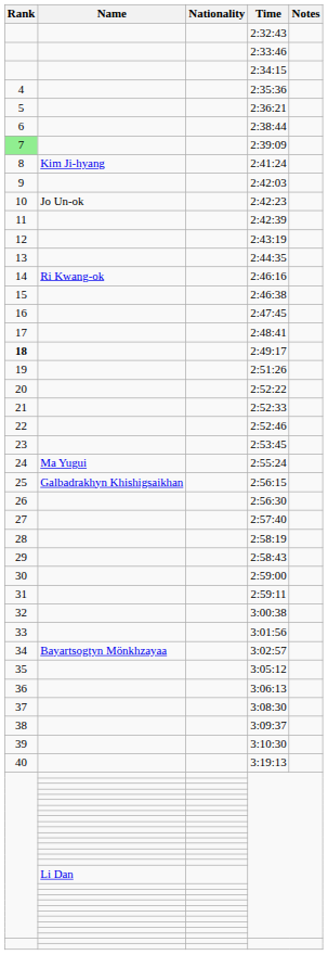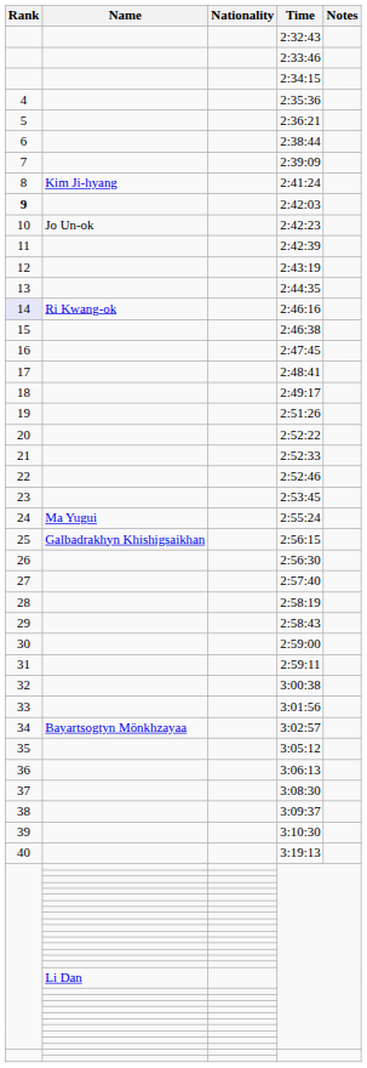 <table class="wikitable sortable" style="text-align:center">
 <tr>
 <th scope="col">Rank</th>
 <th scope="col">Name</th>
 <th scope="col">Nationality</th>
 <th scope="col">Time</th>
 <th scope="col">Notes</th>
 </tr>
 <tr>
 <td scope="row"></td>
 <td align=left></td>
 <td align=left></td>
 <td>2:32:43</td>
 <td></td>
 </tr>
 <tr>
 <td scope="row"></td>
 <td align=left></td>
 <td align=left></td>
 <td>2:33:46</td>
 <td></td>
 </tr>
 <tr>
 <td scope="row"></td>
 <td align=left></td>
 <td align=left></td>
 <td>2:34:15</td>
 <td></td>
 </tr>
 <tr>
 <td scope="row">4</td>
 <td align=left></td>
 <td align=left></td>
 <td>2:35:36</td>
 <td></td>
 </tr>
 <tr>
 <td scope="row">5</td>
 <td align=left></td>
 <td align=left></td>
 <td>2:36:21</td>
 <td></td>
 </tr>
 <tr>
 <td scope="row">6</td>
 <td align=left></td>
 <td align=left></td>
 <td>2:38:44</td>
 <td></td>
 </tr>
 <tr>
-<td scope="row" style="background: lightgreen;">7</td>
+<td scope="row">7</td>
 <td align=left></td>
 <td align=left></td>
 <td>2:39:09</td>
 <td></td>
 </tr>
 <tr>
 <td scope="row">8</td>
 <td align=left><a href='#'>Kim Ji-hyang</a></td>
 <td align=left></td>
 <td>2:41:24</td>
 <td></td>
 </tr>
 <tr>
-<td scope="row">9</td>
+<td scope="row"><strong>9</strong></td>
 <td align=left></td>
 <td align=left></td>
 <td>2:42:03</td>
 <td></td>
 </tr>
 <tr>
 <td scope="row">10</td>
 <td align=left>Jo Un-ok</td>
 <td align=left></td>
 <td>2:42:23</td>
 <td></td>
 </tr>
 <tr>
 <td scope="row">11</td>
 <td align=left></td>
 <td align=left></td>
 <td>2:42:39</td>
 <td></td>
 </tr>
 <tr>
 <td scope="row">12</td>
 <td align=left></td>
 <td align=left></td>
 <td>2:43:19</td>
 <td></td>
 </tr>
 <tr>
 <td scope="row">13</td>
 <td align=left></td>
 <td align=left></td>
 <td>2:44:35</td>
 <td></td>
 </tr>
 <tr>
-<td scope="row">14</td>
+<td scope="row" style="background: lavender;">14</td>
 <td align=left><a href='#'>Ri Kwang-ok</a></td>
 <td align=left></td>
 <td>2:46:16</td>
 <td></td>
 </tr>
 <tr>
 <td scope="row">15</td>
 <td align=left></td>
 <td align=left></td>
 <td>2:46:38</td>
 <td></td>
 </tr>
 <tr>
 <td scope="row">16</td>
 <td align=left></td>
 <td align=left></td>
 <td>2:47:45</td>
 <td></td>
 </tr>
 <tr>
 <td scope="row">17</td>
 <td align=left></td>
 <td align=left></td>
 <td>2:48:41</td>
 <td></td>
 </tr>
 <tr>
-<td scope="row"><strong>18</strong></td>
+<td scope="row">18</td>
 <td align=left></td>
 <td align=left></td>
 <td>2:49:17</td>
 <td></td>
 </tr>
 <tr>
 <td scope="row">19</td>
 <td align=left></td>
 <td align=left></td>
 <td>2:51:26</td>
 <td></td>
 </tr>
 <tr>
 <td scope="row">20</td>
 <td align=left></td>
 <td align=left></td>
 <td>2:52:22</td>
 <td></td>
 </tr>
 <tr>
 <td scope="row">21</td>
 <td align=left></td>
 <td align=left></td>
 <td>2:52:33</td>
 <td></td>
 </tr>
 <tr>
 <td scope="row">22</td>
 <td align=left></td>
 <td align=left></td>
 <td>2:52:46</td>
 <td></td>
 </tr>
 <tr>
 <td scope="row">23</td>
 <td align=left></td>
 <td align=left></td>
 <td>2:53:45</td>
 <td></td>
 </tr>
 <tr>
 <td scope="row">24</td>
 <td align=left><a href='#'>Ma Yugui</a></td>
 <td align=left></td>
 <td>2:55:24</td>
 <td></td>
 </tr>
 <tr>
 <td scope="row">25</td>
 <td align=left><a href='#'>Galbadrakhyn Khishigsaikhan</a></td>
 <td align=left></td>
 <td>2:56:15</td>
 <td></td>
 </tr>
 <tr>
 <td scope="row">26</td>
 <td align=left></td>
 <td align=left></td>
 <td>2:56:30</td>
 <td></td>
 </tr>
 <tr>
 <td scope="row">27</td>
 <td align=left></td>
 <td align=left></td>
 <td>2:57:40</td>
 <td></td>
 </tr>
 <tr>
 <td scope="row">28</td>
 <td align=left></td>
 <td align=left></td>
 <td>2:58:19</td>
 <td></td>
 </tr>
 <tr>
 <td scope="row">29</td>
 <td align=left></td>
 <td align=left></td>
 <td>2:58:43</td>
 <td></td>
 </tr>
 <tr>
 <td scope="row">30</td>
 <td align=left></td>
 <td align=left></td>
 <td>2:59:00</td>
 <td></td>
 </tr>
 <tr>
 <td scope="row">31</td>
 <td align=left></td>
 <td align=left></td>
 <td>2:59:11</td>
 <td></td>
 </tr>
 <tr>
 <td scope="row">32</td>
 <td align=left></td>
 <td align=left></td>
 <td>3:00:38</td>
 <td></td>
 </tr>
 <tr>
 <td scope="row">33</td>
 <td align=left></td>
 <td align=left></td>
 <td>3:01:56</td>
 <td></td>
 </tr>
 <tr>
 <td scope="row">34</td>
 <td align=left><a href='#'>Bayartsogtyn Mönkhzayaa</a></td>
 <td align=left></td>
 <td>3:02:57</td>
 <td></td>
 </tr>
 <tr>
 <td scope="row">35</td>
 <td align=left></td>
 <td align=left></td>
 <td>3:05:12</td>
 <td></td>
 </tr>
 <tr>
 <td scope="row">36</td>
 <td align=left></td>
 <td align=left></td>
 <td>3:06:13</td>
 <td></td>
 </tr>
 <tr>
 <td scope="row">37</td>
 <td align=left></td>
 <td align=left></td>
 <td>3:08:30</td>
 <td></td>
 </tr>
 <tr>
 <td scope="row">38</td>
 <td align=left></td>
 <td align=left></td>
 <td>3:09:37</td>
 <td></td>
 </tr>
 <tr>
 <td scope="row">39</td>
 <td align=left></td>
 <td align=left></td>
 <td>3:10:30</td>
 <td></td>
 </tr>
 <tr>
 <td scope="row">40</td>
 <td align=left></td>
 <td align=left></td>
 <td>3:19:13</td>
 <td></td>
 </tr>
 <tr>
 <td scope="row" rowspan=28></td>
 <td align=left></td>
 <td align=left></td>
 <td rowspan=28 colspan=2></td>
 </tr>
 <tr>
 <td align=left></td>
 <td align=left></td>
 </tr>
 <tr>
 <td align=left></td>
 <td align=left></td>
 </tr>
 <tr>
 <td align=left></td>
 <td align=left></td>
 </tr>
 <tr>
 <td align=left></td>
 <td align=left></td>
 </tr>
 <tr>
 <td align=left></td>
 <td align=left></td>
 </tr>
 <tr>
 <td align=left></td>
 <td align=left></td>
 </tr>
 <tr>
 <td align=left></td>
 <td align=left></td>
 </tr>
 <tr>
 <td align=left></td>
 <td align=left></td>
 </tr>
 <tr>
 <td align=left></td>
 <td align=left></td>
 </tr>
 <tr>
 <td align=left></td>
 <td align=left></td>
 </tr>
 <tr>
 <td align=left></td>
 <td align=left></td>
 </tr>
 <tr>
 <td align=left></td>
 <td align=left></td>
 </tr>
 <tr>
 <td align=left></td>
 <td align=left></td>
 </tr>
 <tr>
 <td align=left></td>
 <td align=left></td>
 </tr>
 <tr>
 <td align=left></td>
 <td align=left></td>
 </tr>
 <tr>
 <td align=left></td>
 <td align=left></td>
 </tr>
 <tr>
 <td align=left><a href='#'>Li Dan</a></td>
 <td align=left></td>
 </tr>
 <tr>
 <td align=left></td>
 <td align=left></td>
 </tr>
 <tr>
 <td align=left></td>
 <td align=left></td>
 </tr>
 <tr>
 <td align=left></td>
 <td align=left></td>
 </tr>
 <tr>
 <td align=left></td>
 <td align=left></td>
 </tr>
 <tr>
 <td align=left></td>
 <td align=left></td>
 </tr>
 <tr>
 <td align=left></td>
 <td align=left></td>
 </tr>
 <tr>
 <td align=left></td>
 <td align=left></td>
 </tr>
 <tr>
 <td align=left></td>
 <td align=left></td>
 </tr>
 <tr>
 <td align=left></td>
 <td align=left></td>
 </tr>
 <tr>
 <td align=left></td>
 <td align=left></td>
 </tr>
 <tr>
 <td scope="row" rowspan="2"></td>
 <td align=left></td>
 <td align=left></td>
 <td rowspan=2 colspan=2></td>
 </tr>
 <tr>
 <td align=left></td>
 <td align=left></td>
 </tr>
 </table>
